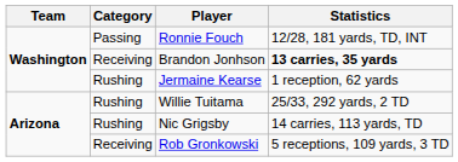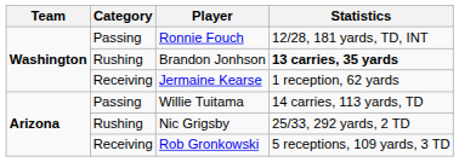 <table class="wikitable" style="float: right;">
 <tr>
 <th>Team</th>
 <th>Category</th>
 <th>Player</th>
 <th>Statistics</th>
 </tr>
 <tr>
 <td rowspan=3><strong>Washington</strong></td>
 <td>Passing</td>
 <td><a href='#'>Ronnie Fouch</a></td>
 <td>12/28, 181 yards, TD, INT</td>
 </tr>
 <tr>
-<td>Receiving</td>
+<td>Rushing</td>
 <td>Brandon Jonhson</td>
 <td><strong>13 carries, 35 yards</strong></td>
 </tr>
 <tr>
-<td>Rushing</td>
+<td>Receiving</td>
 <td><a href='#'>Jermaine Kearse</a></td>
 <td>1 reception, 62 yards</td>
 </tr>
 <tr>
 <td rowspan=3><strong>Arizona</strong></td>
-<td>Rushing</td>
+<td>Passing</td>
 <td>Willie Tuitama</td>
-<td>25/33, 292 yards, 2 TD</td>
+<td>14 carries, 113 yards, TD</td>
 </tr>
 <tr>
 <td>Rushing</td>
 <td>Nic Grigsby</td>
-<td>14 carries, 113 yards, TD</td>
+<td>25/33, 292 yards, 2 TD</td>
 </tr>
 <tr>
 <td>Receiving</td>
 <td><a href='#'>Rob Gronkowski</a></td>
 <td>5 receptions, 109 yards, 3 TD</td>
 </tr>
 </table>
